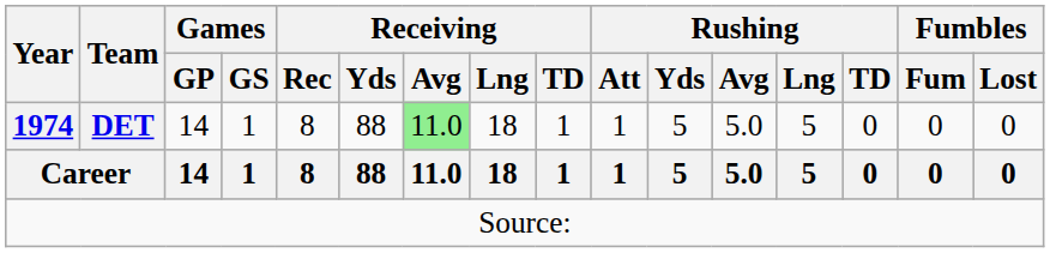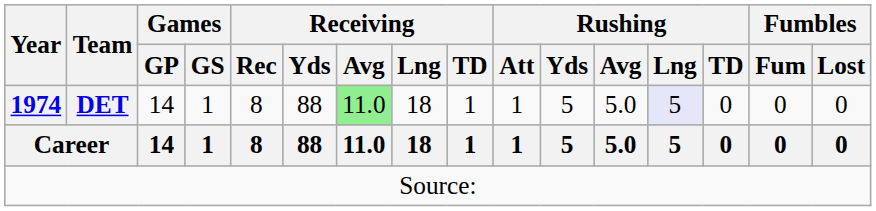 <table class="wikitable" style="text-align:center">
 <tr>
 <th rowspan="2">Year</th>
 <th rowspan="2">Team</th>
 <th colspan="2">Games</th>
 <th colspan="5">Receiving</th>
 <th colspan="5">Rushing</th>
 <th colspan="2">Fumbles</th>
 </tr>
 <tr>
 <th>GP</th>
 <th>GS</th>
 <th>Rec</th>
 <th>Yds</th>
 <th>Avg</th>
 <th>Lng</th>
 <th>TD</th>
 <th>Att</th>
 <th>Yds</th>
 <th>Avg</th>
 <th>Lng</th>
 <th>TD</th>
 <th>Fum</th>
 <th>Lost</th>
 </tr>
 <tr>
 <th><a href='#'>1974</a></th>
 <th><a href='#'>DET</a></th>
 <td>14</td>
 <td>1</td>
 <td>8</td>
 <td>88</td>
 <td style="background: lightgreen;">11.0</td>
 <td>18</td>
 <td>1</td>
 <td>1</td>
 <td>5</td>
 <td>5.0</td>
-<td>5</td>
+<td style="background: lavender;">5</td>
 <td>0</td>
 <td>0</td>
 <td>0</td>
 </tr>
 <tr>
 <th colspan="2">Career</th>
 <th>14</th>
 <th>1</th>
 <th>8</th>
 <th>88</th>
 <th>11.0</th>
 <th>18</th>
 <th>1</th>
 <th>1</th>
 <th>5</th>
 <th>5.0</th>
 <th>5</th>
 <th>0</th>
 <th>0</th>
 <th>0</th>
 </tr>
 <tr>
 <td colspan="16">Source:</td>
 </tr>
 </table>
